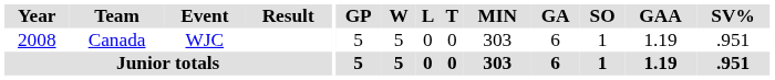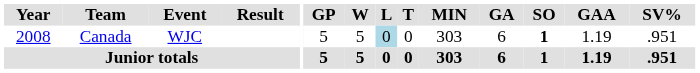 <table border="0" cellpadding="1" cellspacing="0" ID="Table3" style="text-align:center; width:40em">
 <tr ALIGN="centre" bgcolor="#e0e0e0">
 <th>Year</th>
 <th>Team</th>
 <th>Event</th>
 <th>Result</th>
 <th rowspan="99" bgcolor="#ffffff"></th>
 <th>GP</th>
 <th>W</th>
 <th>L</th>
 <th>T</th>
 <th>MIN</th>
 <th>GA</th>
 <th>SO</th>
 <th>GAA</th>
 <th>SV%</th>
 </tr>
 <tr ALIGN="centre">
 <td><a href='#'>2008</a></td>
 <td><a href='#'>Canada</a></td>
 <td><a href='#'>WJC</a></td>
 <td></td>
 <td>5</td>
 <td>5</td>
-<td>0</td>
+<td style="background: lightblue;">0</td>
 <td>0</td>
 <td>303</td>
 <td>6</td>
-<td>1</td>
+<td><strong>1</strong></td>
 <td>1.19</td>
 <td>.951</td>
 </tr>
 <tr ALIGN="centre" bgcolor="#e0e0e0">
 <th colspan="4">Junior totals</th>
 <th>5</th>
 <th>5</th>
 <th>0</th>
 <th>0</th>
 <th>303</th>
 <th>6</th>
 <th>1</th>
 <th>1.19</th>
 <th>.951</th>
 </tr>
 </table>
